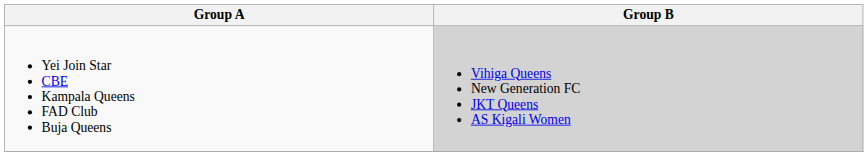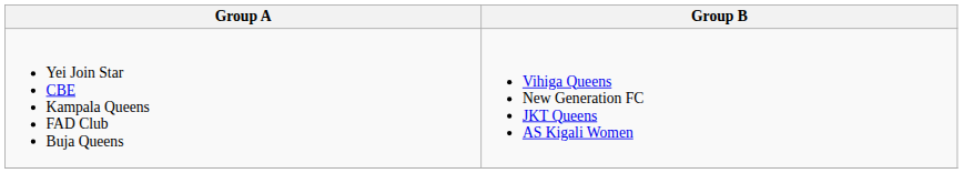 <table class="wikitable" style="width:80%;">
 <tr>
 <th width=25%>Group A</th>
 <th width=25%>Group B</th>
 </tr>
 <tr>
 <td><br><ul><li> Yei Join Star</li><li> <a href='#'>CBE</a></li><li> Kampala Queens</li><li> FAD Club</li><li> Buja Queens</li></ul></td>
-<td style="background: lightgrey;"><br><ul><li> <a href='#'>Vihiga Queens</a></li><li> New Generation FC</li><li> <a href='#'>JKT Queens</a></li><li> <a href='#'>AS Kigali Women</a></li></ul></td>
+<td><br><ul><li> <a href='#'>Vihiga Queens</a></li><li> New Generation FC</li><li> <a href='#'>JKT Queens</a></li><li> <a href='#'>AS Kigali Women</a></li></ul></td>
 </tr>
 <tr>
 </tr>
 </table>
